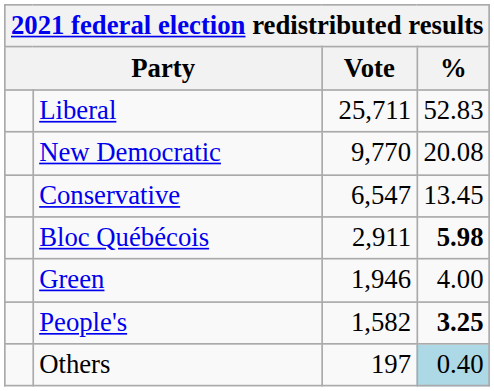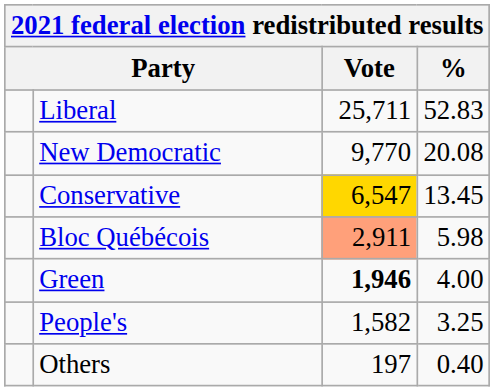 <table class="wikitable">
 <tr>
 <th colspan="4"><a href='#'>2021 federal election</a> redistributed results</th>
 </tr>
 <tr>
 <th bgcolor="#DDDDFF" width="130px" colspan="2">Party</th>
 <th bgcolor="#DDDDFF" width="50px">Vote</th>
 <th bgcolor="#DDDDFF" width="30px">%</th>
 </tr>
 <tr>
 <td> </td>
 <td><a href='#'>Liberal</a></td>
 <td align=right>25,711</td>
 <td align=right>52.83</td>
 </tr>
 <tr>
 <td> </td>
 <td><a href='#'>New Democratic</a></td>
 <td align=right>9,770</td>
 <td align=right>20.08</td>
 </tr>
 <tr>
 <td> </td>
 <td><a href='#'>Conservative</a></td>
-<td align=right>6,547</td>
+<td align=right style="background: gold;">6,547</td>
 <td align=right>13.45</td>
 </tr>
 <tr>
 <td> </td>
 <td><a href='#'>Bloc Québécois</a></td>
-<td align=right>2,911</td>
-<td align=right><strong>5.98</strong></td>
+<td align=right style="background: lightsalmon;">2,911</td>
+<td align=right>5.98</td>
 </tr>
 <tr>
 <td> </td>
 <td><a href='#'>Green</a></td>
-<td align=right>1,946</td>
+<td align=right><strong>1,946</strong></td>
 <td align=right>4.00</td>
 </tr>
 <tr>
 <td> </td>
 <td><a href='#'>People's</a></td>
 <td align=right>1,582</td>
-<td align=right><strong>3.25</strong></td>
+<td align=right>3.25</td>
 </tr>
 <tr>
 <td> </td>
 <td>Others</td>
 <td align=right>197</td>
-<td align=right style="background: lightblue;">0.40</td>
+<td align=right>0.40</td>
 </tr>
 </table>
